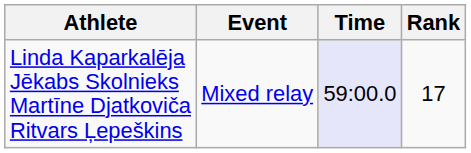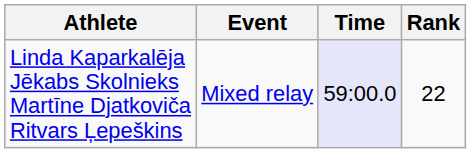 <table class="wikitable" style="font-size:90%">
 <tr>
 <th>Athlete</th>
 <th>Event</th>
 <th>Time</th>
 <th>Rank</th>
 </tr>
 <tr align=center>
 <td align=left><a href='#'>Linda Kaparkalēja</a><br><a href='#'>Jēkabs Skolnieks</a><br><a href='#'>Martīne Djatkoviča</a><br><a href='#'>Ritvars Ļepeškins</a></td>
 <td align=left><a href='#'>Mixed relay</a></td>
 <td style="background: lavender;">59:00.0</td>
-<td>17</td>
+<td>22</td>
 </tr>
 </table>
